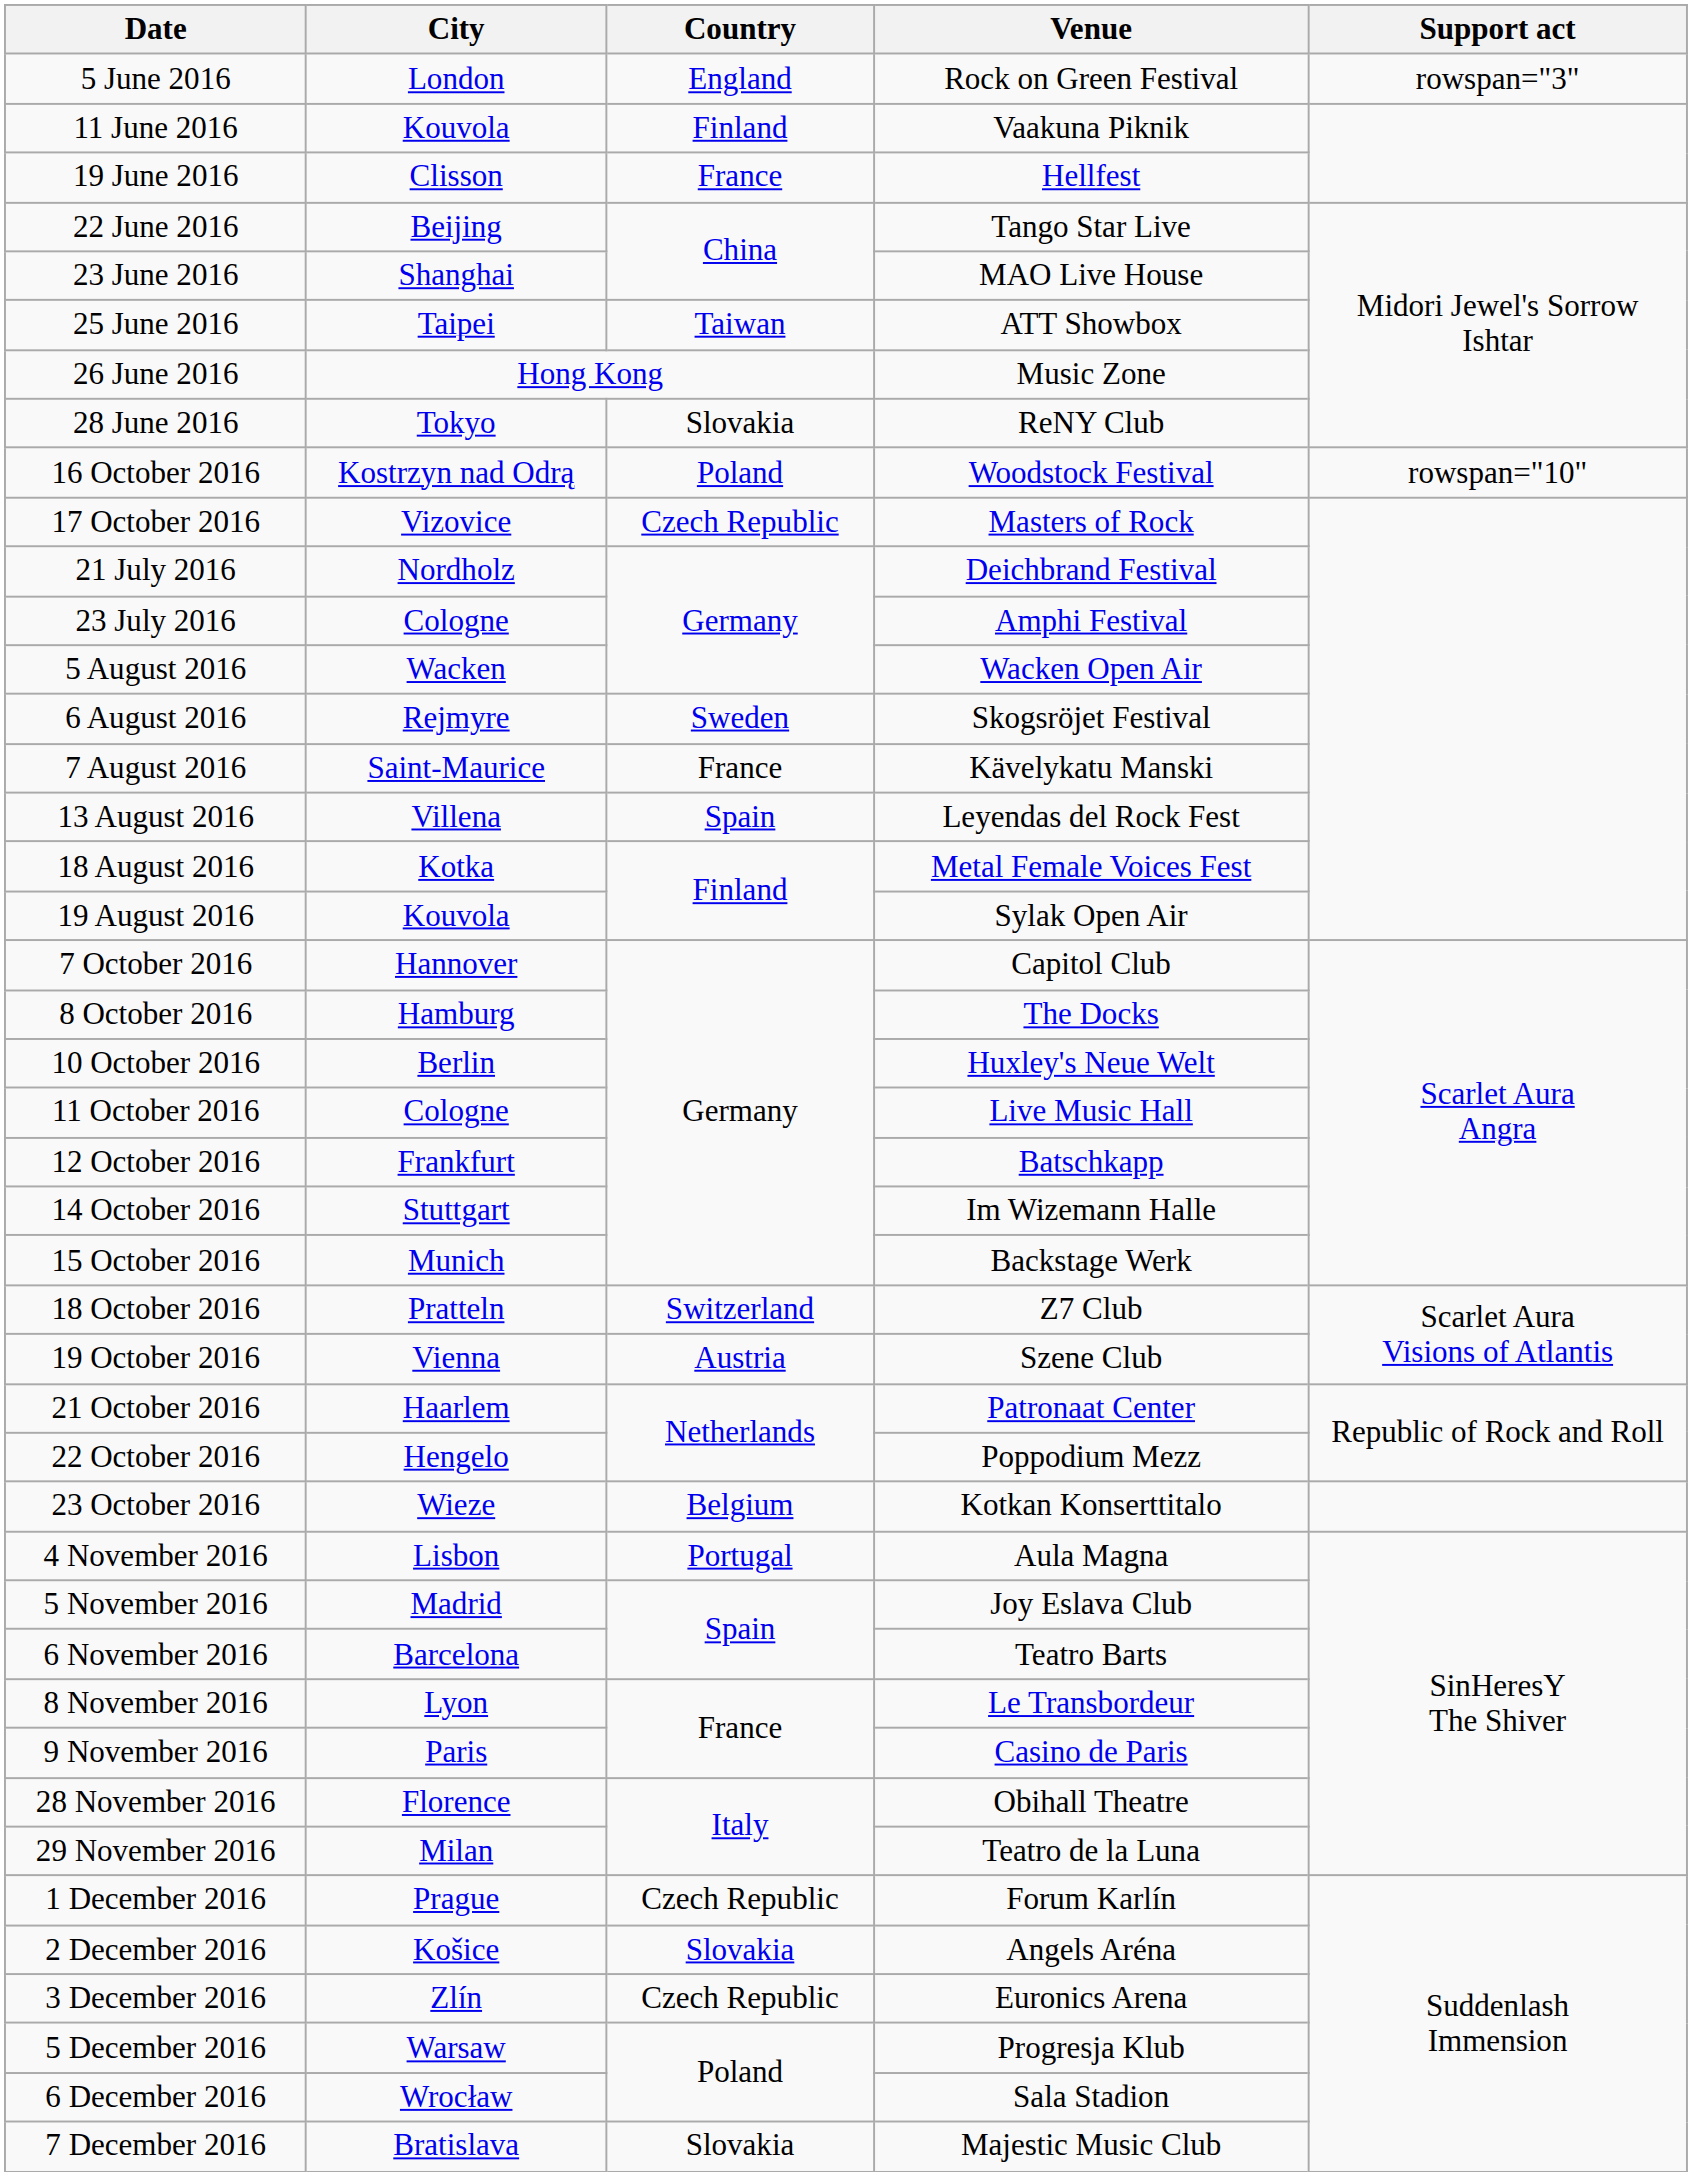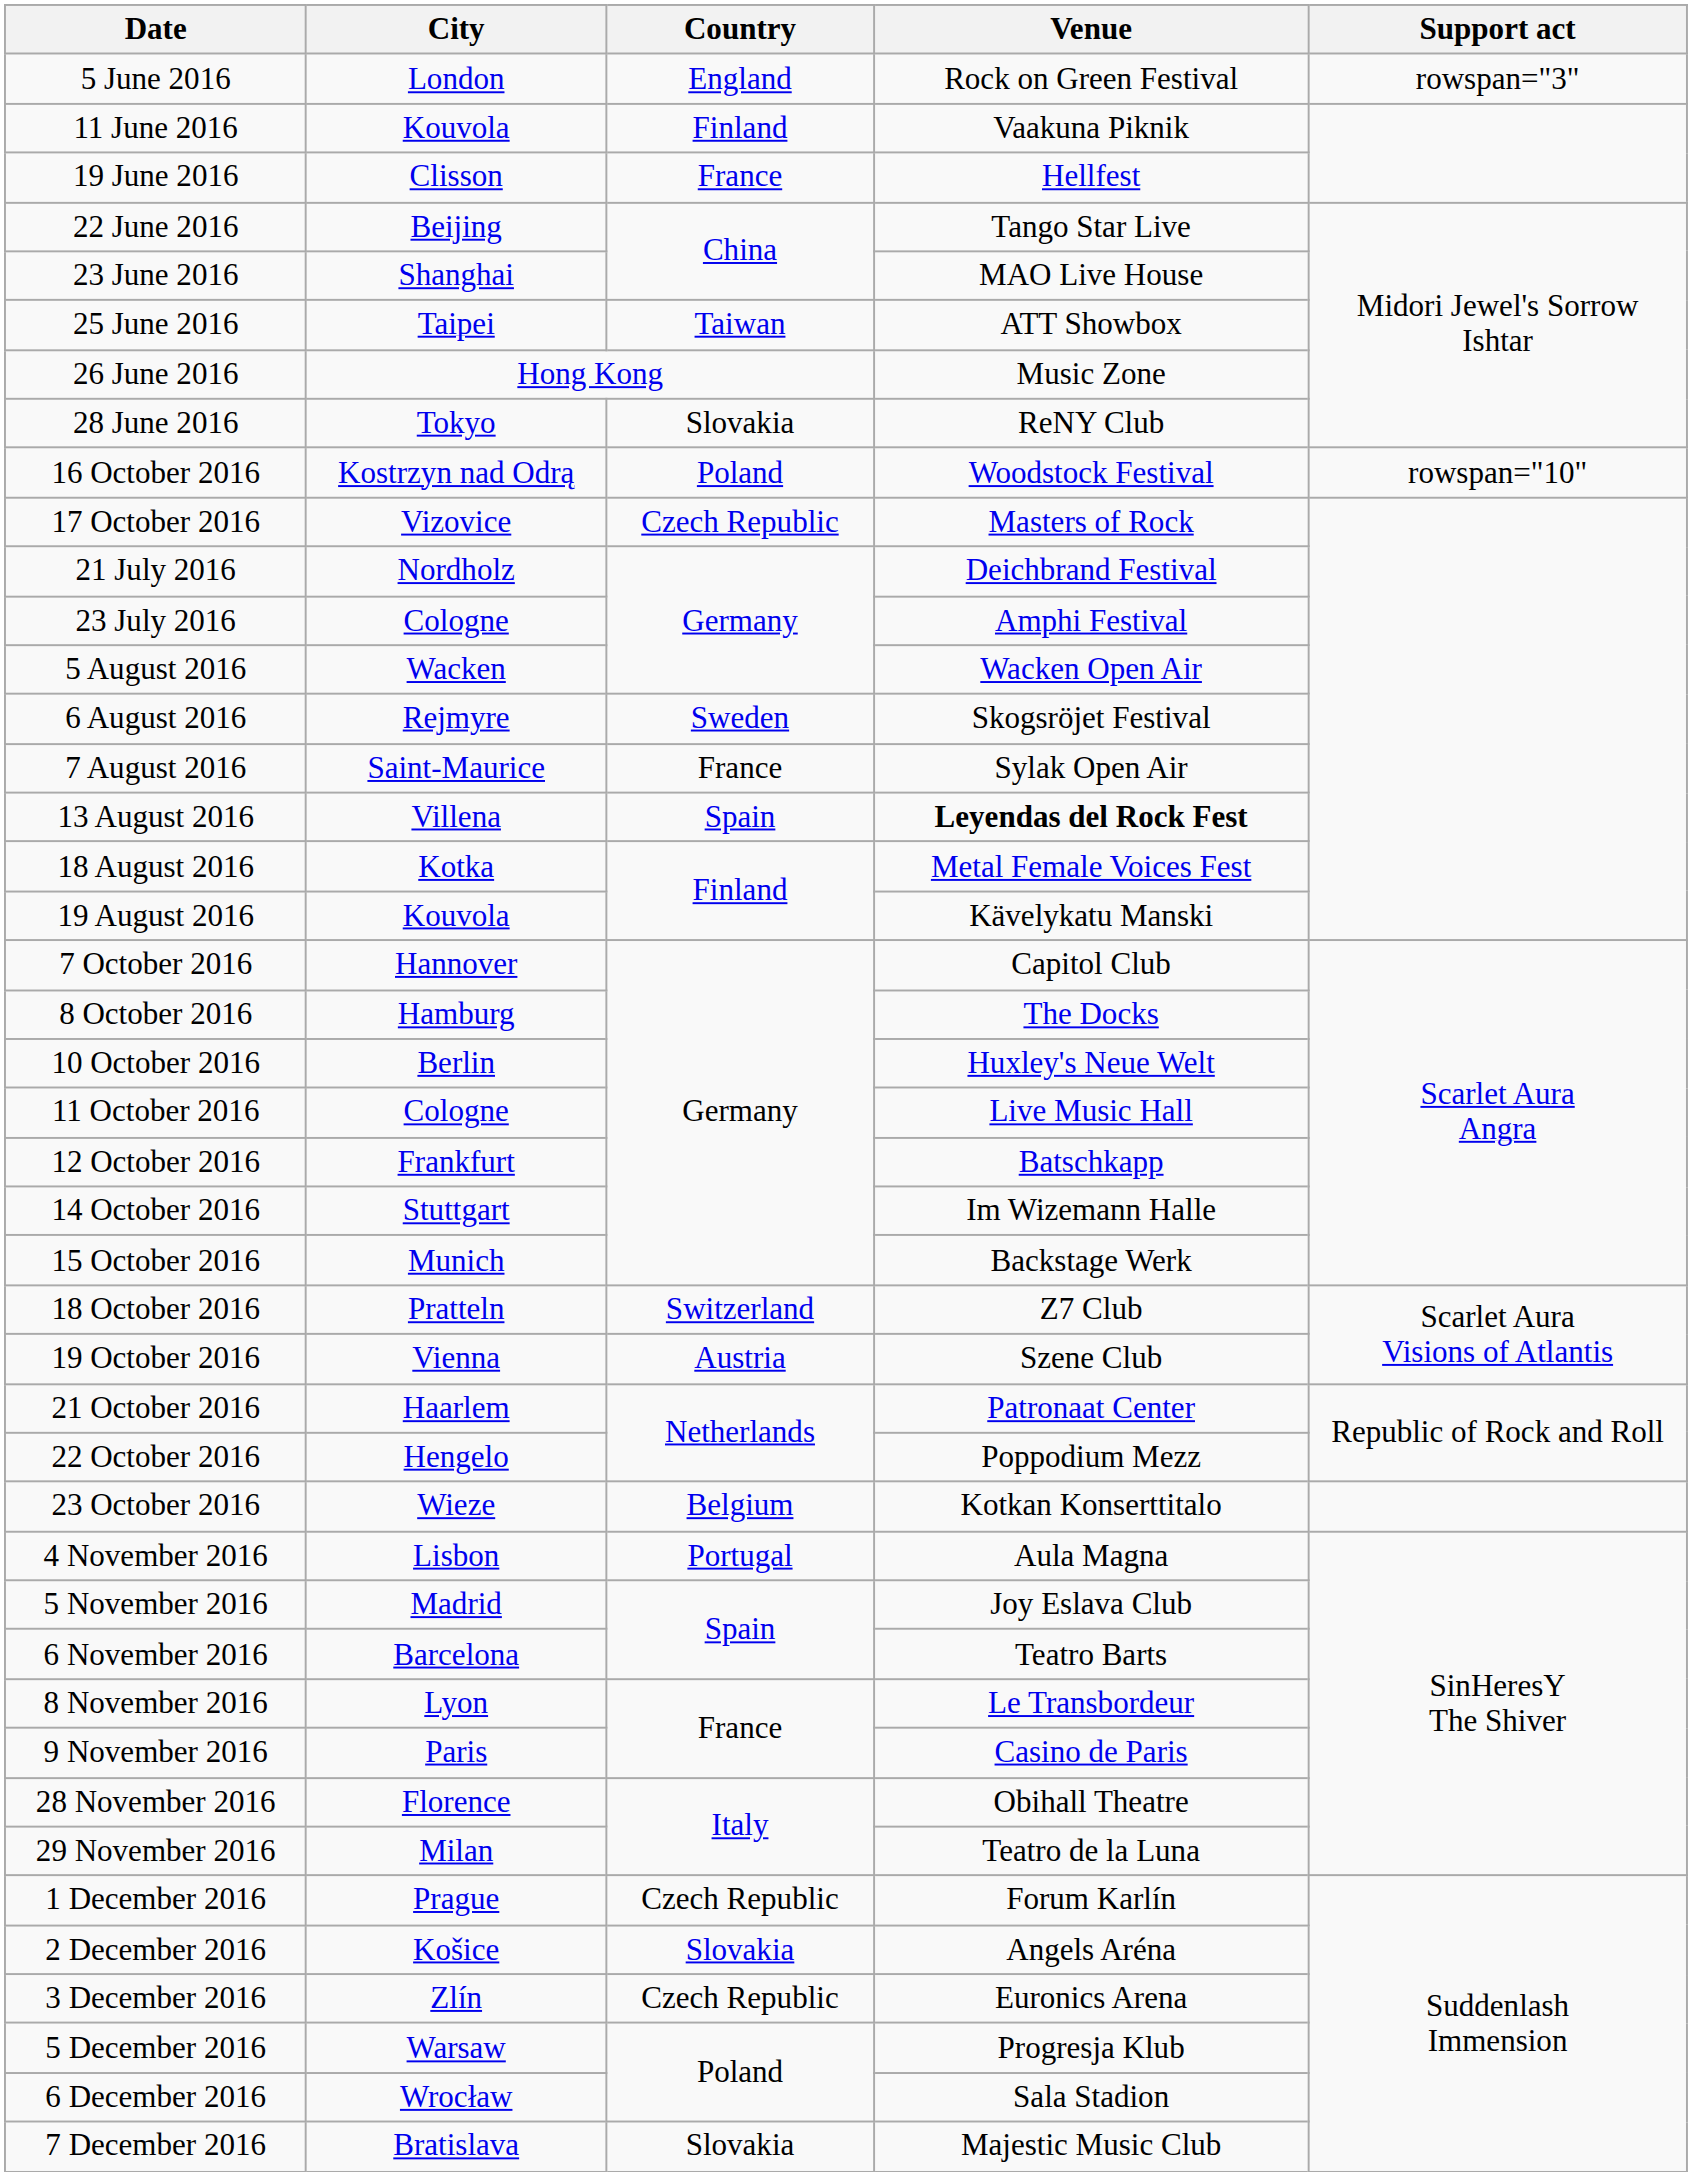 <table class="wikitable plainrowheaders" style="text-align:center;">
 <tr>
 <th scope="col" style="width:12em;">Date</th>
 <th scope="col" style="width:12em;">City</th>
 <th scope="col" style="width:10em;">Country</th>
 <th scope="col" style="width:18em;">Venue</th>
 <th scope="col" style="width:15em;">Support act</th>
 </tr>
 <tr>
 <td style="text-align:center">5 June 2016</td>
 <td style="text-align:center"><a href='#'>London</a></td>
 <td style="text-align:center"><a href='#'>England</a></td>
 <td style="text-align:center">Rock on Green Festival</td>
 <td>rowspan="3" </td>
 </tr>
 <tr>
 <td style="text-align:center">11 June 2016</td>
 <td style="text-align:center"><a href='#'>Kouvola</a></td>
 <td style="text-align:center"><a href='#'>Finland</a></td>
 <td style="text-align:center">Vaakuna Piknik</td>
 </tr>
 <tr>
 <td style="text-align:center">19 June 2016</td>
 <td style="text-align:center"><a href='#'>Clisson</a></td>
 <td style="text-align:center"><a href='#'>France</a></td>
 <td style="text-align:center"><a href='#'>Hellfest</a></td>
 </tr>
 <tr>
 <td style="text-align:center">22 June 2016</td>
 <td style="text-align:center"><a href='#'>Beijing</a></td>
 <td style="text-align:center" rowspan="2"><a href='#'>China</a></td>
 <td style="text-align:center">Tango Star Live</td>
 <td style="text-align:center" rowspan="5">Midori Jewel's Sorrow <br>Ishtar</td>
 </tr>
 <tr>
 <td style="text-align:center">23 June 2016</td>
 <td style="text-align:center"><a href='#'>Shanghai</a></td>
 <td style="text-align:center">MAO Live House</td>
 </tr>
 <tr>
 <td style="text-align:center">25 June 2016</td>
 <td style="text-align:center"><a href='#'>Taipei</a></td>
 <td style="text-align:center"><a href='#'>Taiwan</a></td>
 <td style="text-align:center">ATT Showbox</td>
 </tr>
 <tr>
 <td style="text-align:center">26 June 2016</td>
 <td colspan="2" style="text-align:center"><a href='#'>Hong Kong</a></td>
 <td style="text-align:center">Music Zone</td>
 </tr>
 <tr>
 <td style="text-align:center">28 June 2016</td>
 <td style="text-align:center"><a href='#'>Tokyo</a></td>
 <td style="text-align:center">Slovakia</td>
 <td style="text-align:center">ReNY Club</td>
 </tr>
 <tr>
 <td style="text-align:center">16 October 2016</td>
 <td style="text-align:center"><a href='#'>Kostrzyn nad Odrą</a></td>
 <td style="text-align:center"><a href='#'>Poland</a></td>
 <td style="text-align:center"><a href='#'>Woodstock Festival</a></td>
 <td>rowspan="10" </td>
 </tr>
 <tr>
 <td style="text-align:center">17 October 2016</td>
 <td style="text-align:center"><a href='#'>Vizovice</a></td>
 <td style="text-align:center"><a href='#'>Czech Republic</a></td>
 <td style="text-align:center"><a href='#'>Masters of Rock</a></td>
 </tr>
 <tr>
 <td style="text-align:center">21 July 2016</td>
 <td style="text-align:center"><a href='#'>Nordholz</a></td>
 <td style="text-align:center" rowspan="3"><a href='#'>Germany</a></td>
 <td style="text-align:center"><a href='#'>Deichbrand Festival</a></td>
 </tr>
 <tr>
 <td style="text-align:center">23 July 2016</td>
 <td style="text-align:center"><a href='#'>Cologne</a></td>
 <td style="text-align:center"><a href='#'>Amphi Festival</a></td>
 </tr>
 <tr>
 <td style="text-align:center">5 August 2016</td>
 <td style="text-align:center"><a href='#'>Wacken</a></td>
 <td style="text-align:center"><a href='#'>Wacken Open Air</a></td>
 </tr>
 <tr>
 <td style="text-align:center">6 August 2016</td>
 <td style="text-align:center"><a href='#'>Rejmyre</a></td>
 <td style="text-align:center"><a href='#'>Sweden</a></td>
 <td style="text-align:center">Skogsröjet Festival</td>
 </tr>
 <tr>
 <td style="text-align:center">7 August 2016</td>
 <td style="text-align:center"><a href='#'>Saint-Maurice</a></td>
 <td style="text-align:center">France</td>
-<td style="text-align:center">Kävelykatu Manski</td>
+<td style="text-align:center">Sylak Open Air</td>
 </tr>
 <tr>
 <td style="text-align:center">13 August 2016</td>
 <td style="text-align:center"><a href='#'>Villena</a></td>
 <td style="text-align:center"><a href='#'>Spain</a></td>
-<td style="text-align:center">Leyendas del Rock Fest</td>
+<td style="text-align:center"><strong>Leyendas del Rock Fest</strong></td>
 </tr>
 <tr>
 <td style="text-align:center">18 August 2016</td>
 <td style="text-align:center"><a href='#'>Kotka</a></td>
 <td style="text-align:center" rowspan="2"><a href='#'>Finland</a></td>
 <td style="text-align:center"><a href='#'>Metal Female Voices Fest</a></td>
 </tr>
 <tr>
 <td style="text-align:center">19 August 2016</td>
 <td style="text-align:center"><a href='#'>Kouvola</a></td>
-<td style="text-align:center">Sylak Open Air</td>
+<td style="text-align:center">Kävelykatu Manski</td>
 </tr>
 <tr>
 <td style="text-align:center">7 October 2016</td>
 <td style="text-align:center"><a href='#'>Hannover</a></td>
 <td style="text-align:center" rowspan="7">Germany</td>
 <td style="text-align:center">Capitol Club</td>
 <td style="text-align:center" rowspan="7"><a href='#'>Scarlet Aura</a><br><a href='#'>Angra</a></td>
 </tr>
 <tr>
 <td style="text-align:center">8 October 2016</td>
 <td style="text-align:center"><a href='#'>Hamburg</a></td>
 <td style="text-align:center"><a href='#'>The Docks</a></td>
 </tr>
 <tr>
 <td style="text-align:center">10 October 2016</td>
 <td style="text-align:center"><a href='#'>Berlin</a></td>
 <td style="text-align:center"><a href='#'>Huxley's Neue Welt</a></td>
 </tr>
 <tr>
 <td style="text-align:center">11 October 2016</td>
 <td style="text-align:center"><a href='#'>Cologne</a></td>
 <td style="text-align:center"><a href='#'>Live Music Hall</a></td>
 </tr>
 <tr>
 <td style="text-align:center">12 October 2016</td>
 <td style="text-align:center"><a href='#'>Frankfurt</a></td>
 <td style="text-align:center"><a href='#'>Batschkapp</a></td>
 </tr>
 <tr>
 <td style="text-align:center">14 October 2016</td>
 <td style="text-align:center"><a href='#'>Stuttgart</a></td>
 <td style="text-align:center">Im Wizemann Halle</td>
 </tr>
 <tr>
 <td style="text-align:center">15 October 2016</td>
 <td style="text-align:center"><a href='#'>Munich</a></td>
 <td style="text-align:center">Backstage Werk</td>
 </tr>
 <tr>
 <td style="text-align:center">18 October 2016</td>
 <td style="text-align:center"><a href='#'>Pratteln</a></td>
 <td style="text-align:center"><a href='#'>Switzerland</a></td>
 <td style="text-align:center">Z7 Club</td>
 <td style="text-align:center" rowspan="2">Scarlet Aura<br><a href='#'>Visions of Atlantis</a></td>
 </tr>
 <tr>
 <td style="text-align:center">19 October 2016</td>
 <td style="text-align:center"><a href='#'>Vienna</a></td>
 <td style="text-align:center"><a href='#'>Austria</a></td>
 <td style="text-align:center">Szene Club</td>
 </tr>
 <tr>
 <td style="text-align:center">21 October 2016</td>
 <td style="text-align:center"><a href='#'>Haarlem</a></td>
 <td style="text-align:center" rowspan="2"><a href='#'>Netherlands</a></td>
 <td style="text-align:center"><a href='#'>Patronaat Center</a></td>
 <td style="text-align:center" rowspan="2">Republic of Rock and Roll</td>
 </tr>
 <tr>
 <td style="text-align:center">22 October 2016</td>
 <td style="text-align:center"><a href='#'>Hengelo</a></td>
 <td style="text-align:center">Poppodium Mezz</td>
 </tr>
 <tr>
 <td style="text-align:center">23 October 2016</td>
 <td style="text-align:center"><a href='#'>Wieze</a></td>
 <td style="text-align:center"><a href='#'>Belgium</a></td>
 <td style="text-align:center">Kotkan Konserttitalo</td>
 <td></td>
 </tr>
 <tr>
 <td style="text-align:center">4 November 2016</td>
 <td style="text-align:center"><a href='#'>Lisbon</a></td>
 <td style="text-align:center"><a href='#'>Portugal</a></td>
 <td style="text-align:center">Aula Magna</td>
 <td style="text-align:center" rowspan="7">SinHeresY<br>The Shiver</td>
 </tr>
 <tr>
 <td style="text-align:center">5 November 2016</td>
 <td style="text-align:center"><a href='#'>Madrid</a></td>
 <td style="text-align:center" rowspan="2"><a href='#'>Spain</a></td>
 <td style="text-align:center">Joy Eslava Club</td>
 </tr>
 <tr>
 <td style="text-align:center">6 November 2016</td>
 <td style="text-align:center"><a href='#'>Barcelona</a></td>
 <td style="text-align:center">Teatro Barts</td>
 </tr>
 <tr>
 <td style="text-align:center">8 November 2016</td>
 <td style="text-align:center"><a href='#'>Lyon</a></td>
 <td style="text-align:center" rowspan="2">France</td>
 <td style="text-align:center"><a href='#'>Le Transbordeur</a></td>
 </tr>
 <tr>
 <td style="text-align:center">9 November 2016</td>
 <td style="text-align:center"><a href='#'>Paris</a></td>
 <td style="text-align:center"><a href='#'>Casino de Paris</a></td>
 </tr>
 <tr>
 <td style="text-align:center">28 November 2016</td>
 <td style="text-align:center"><a href='#'>Florence</a></td>
 <td style="text-align:center" rowspan="2"><a href='#'>Italy</a></td>
 <td style="text-align:center">Obihall Theatre</td>
 </tr>
 <tr>
 <td style="text-align:center">29 November 2016</td>
 <td style="text-align:center"><a href='#'>Milan</a></td>
 <td style="text-align:center">Teatro de la Luna</td>
 </tr>
 <tr>
 <td style="text-align:center">1 December 2016</td>
 <td style="text-align:center"><a href='#'>Prague</a></td>
 <td style="text-align:center">Czech Republic</td>
 <td style="text-align:center">Forum Karlín</td>
 <td style="text-align:center" rowspan="6">Suddenlash<br>Immension</td>
 </tr>
 <tr>
 <td style="text-align:center">2 December 2016</td>
 <td style="text-align:center"><a href='#'>Košice</a></td>
 <td style="text-align:center"><a href='#'>Slovakia</a></td>
 <td style="text-align:center">Angels Aréna</td>
 </tr>
 <tr>
 <td style="text-align:center">3 December 2016</td>
 <td style="text-align:center"><a href='#'>Zlín</a></td>
 <td style="text-align:center">Czech Republic</td>
 <td style="text-align:center">Euronics Arena</td>
 </tr>
 <tr>
 <td style="text-align:center">5 December 2016</td>
 <td style="text-align:center"><a href='#'>Warsaw</a></td>
 <td style="text-align:center" rowspan="2">Poland</td>
 <td style="text-align:center">Progresja Klub</td>
 </tr>
 <tr>
 <td style="text-align:center">6 December 2016</td>
 <td style="text-align:center"><a href='#'>Wrocław</a></td>
 <td style="text-align:center">Sala Stadion</td>
 </tr>
 <tr>
 <td style="text-align:center">7 December 2016</td>
 <td style="text-align:center"><a href='#'>Bratislava</a></td>
 <td style="text-align:center">Slovakia</td>
 <td style="text-align:center">Majestic Music Club</td>
 </tr>
 </table>
